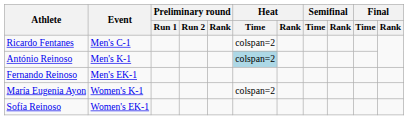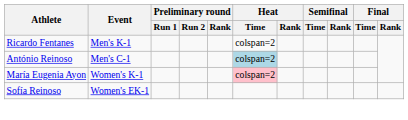 <table class="wikitable" style="font-size:90%;text-align:center">
 <tr>
 <th rowspan=2>Athlete</th>
 <th rowspan=2>Event</th>
 <th colspan=3>Preliminary round</th>
 <th colspan=2>Heat</th>
 <th colspan=2>Semifinal</th>
 <th colspan=2>Final</th>
 </tr>
 <tr style=font-size:95%>
 <th>Run 1</th>
 <th>Run 2</th>
 <th>Rank</th>
 <th>Time</th>
 <th>Rank</th>
 <th>Time</th>
 <th>Rank</th>
 <th>Time</th>
 <th>Rank</th>
 </tr>
 <tr>
 <td align=left><a href='#'>Ricardo Fentanes</a></td>
-<td align=left><a href='#'>Men's C-1</a></td>
+<td align=left><a href='#'>Men's K-1</a></td>
 <td></td>
 <td></td>
 <td></td>
 <td>colspan=2 </td>
 <td></td>
 <td></td>
 <td></td>
 <td></td>
 </tr>
 <tr>
 <td align=left><a href='#'>António Reinoso</a></td>
-<td align=left><a href='#'>Men's K-1</a></td>
+<td align=left><a href='#'>Men's C-1</a></td>
 <td></td>
 <td></td>
 <td></td>
 <td style="background: lightblue;">colspan=2 </td>
-<td></td>
-<td></td>
-<td></td>
-<td></td>
-</tr>
-<tr>
-<td align=left><a href='#'>Fernando Reinoso</a></td>
-<td align=left><a href='#'>Men's EK-1</a></td>
-<td></td>
-<td></td>
-<td></td>
-<td></td>
-<td></td>
 <td></td>
 <td></td>
 <td></td>
 <td></td>
 </tr>
 <tr>
 <td style="text-align:left"><a href='#'>María Eugenia Ayon</a></td>
 <td style="text-align:left"><a href='#'>Women's K-1</a></td>
 <td></td>
 <td></td>
 <td></td>
-<td>colspan=2 </td>
+<td style="background: pink;">colspan=2 </td>
 <td></td>
 <td></td>
 <td></td>
 <td></td>
 </tr>
 <tr>
 <td align=left><a href='#'>Sofía Reinoso</a></td>
 <td align=left><a href='#'>Women's EK-1</a></td>
 <td></td>
 <td></td>
 <td></td>
 <td></td>
 <td></td>
 <td></td>
 <td></td>
 <td></td>
 <td></td>
 </tr>
 </table>
